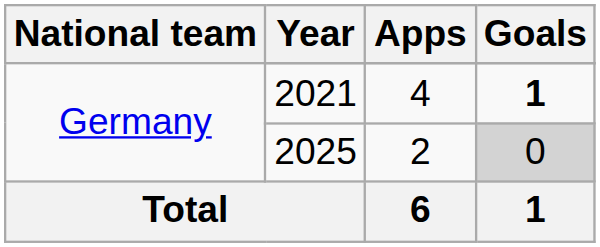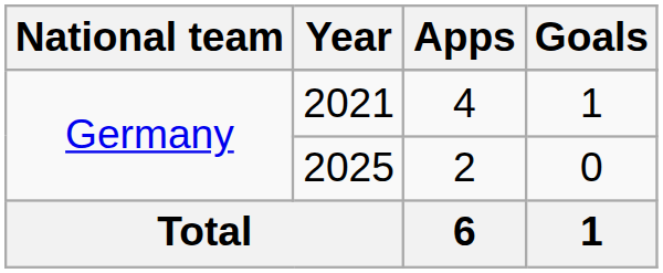 <table class="wikitable" style="text-align:center">
 <tr>
 <th>National team</th>
 <th>Year</th>
 <th>Apps</th>
 <th>Goals</th>
 </tr>
 <tr>
 <td rowspan="3"><a href='#'>Germany</a></td>
 </tr>
 <tr>
 <td>2021</td>
 <td>4</td>
-<td><strong>1</strong></td>
+<td>1</td>
 </tr>
 <tr>
 <td>2025</td>
 <td>2</td>
-<td style="background: lightgrey;">0</td>
+<td>0</td>
 </tr>
 <tr>
 <th colspan="2">Total</th>
 <th>6</th>
 <th>1</th>
 </tr>
 </table>
